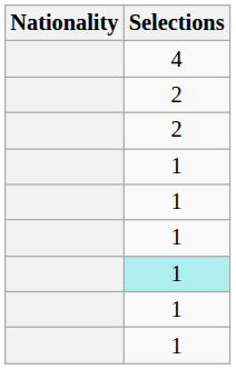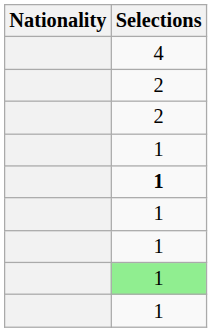 <table class="wikitable plainrowheaders sortable">
 <tr>
 <th scope="col">Nationality</th>
 <th scope="col">Selections</th>
 </tr>
 <tr>
 <th scope="row"></th>
 <td align="center">4</td>
 </tr>
 <tr>
 <th scope="row"></th>
 <td align="center">2</td>
 </tr>
 <tr>
 <th scope="row"></th>
 <td align="center">2</td>
 </tr>
 <tr>
 <th scope="row"></th>
 <td align="center">1</td>
 </tr>
 <tr>
 <th scope="row"></th>
-<td align="center">1</td>
-</tr>
-<tr>
-<th scope="row"></th>
-<td align="center">1</td>
-</tr>
-<tr>
-<th scope="row"></th>
-<td align="center" style="background: paleturquoise;">1</td>
+<td align="center"><strong>1</strong></td>
 </tr>
 <tr>
 <th scope="row"></th>
 <td align="center">1</td>
 </tr>
 <tr>
 <th scope="row"></th>
 <td align="center">1</td>
 </tr>
+<tr>
+<th scope="row"></th>
+<td align="center" style="background: lightgreen;">1</td>
+</tr>
+<tr>
+<th scope="row"></th>
+<td align="center">1</td>
+</tr>
 </table>
